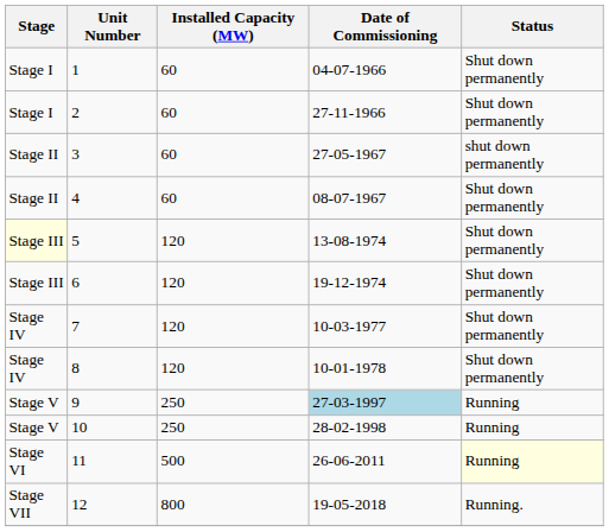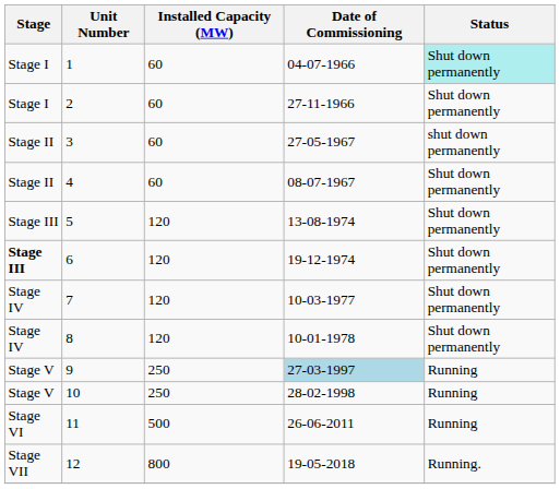 <table class="sortable wikitable">
 <tr>
 <th>Stage</th>
 <th>Unit Number</th>
 <th>Installed Capacity (<a href='#'>MW</a>)</th>
 <th>Date of Commissioning</th>
 <th>Status</th>
 </tr>
 <tr>
 <td>Stage I</td>
 <td>1</td>
 <td>60</td>
 <td>04-07-1966</td>
-<td>Shut down permanently</td>
+<td style="background: paleturquoise;">Shut down permanently</td>
 </tr>
 <tr>
 <td>Stage I</td>
 <td>2</td>
 <td>60</td>
 <td>27-11-1966</td>
 <td>Shut down permanently</td>
 </tr>
 <tr>
 <td>Stage II</td>
 <td>3</td>
 <td>60</td>
 <td>27-05-1967</td>
 <td>shut down permanently</td>
 </tr>
 <tr>
 <td>Stage II</td>
 <td>4</td>
 <td>60</td>
 <td>08-07-1967</td>
 <td>Shut down permanently</td>
 </tr>
 <tr>
-<td style="background: lightyellow;">Stage III</td>
+<td>Stage III</td>
 <td>5</td>
 <td>120</td>
 <td>13-08-1974</td>
 <td>Shut down permanently</td>
 </tr>
 <tr>
-<td>Stage III</td>
+<td><strong>Stage III</strong></td>
 <td>6</td>
 <td>120</td>
 <td>19-12-1974</td>
 <td>Shut down permanently</td>
 </tr>
 <tr>
 <td>Stage IV</td>
 <td>7</td>
 <td>120</td>
 <td>10-03-1977</td>
 <td>Shut down permanently</td>
 </tr>
 <tr>
 <td>Stage IV</td>
 <td>8</td>
 <td>120</td>
 <td>10-01-1978</td>
 <td>Shut down permanently</td>
 </tr>
 <tr>
 <td>Stage V</td>
 <td>9</td>
 <td>250</td>
 <td style="background: lightblue;">27-03-1997</td>
 <td>Running</td>
 </tr>
 <tr>
 <td>Stage V</td>
 <td>10</td>
 <td>250</td>
 <td>28-02-1998</td>
 <td>Running</td>
 </tr>
 <tr>
 <td>Stage VI</td>
 <td>11</td>
 <td>500</td>
 <td>26-06-2011</td>
-<td style="background: lightyellow;">Running</td>
+<td>Running</td>
 </tr>
 <tr>
 <td>Stage VII</td>
 <td>12</td>
 <td>800</td>
 <td>19-05-2018 </td>
 <td>Running.</td>
 </tr>
 <tr>
 </tr>
 </table>
